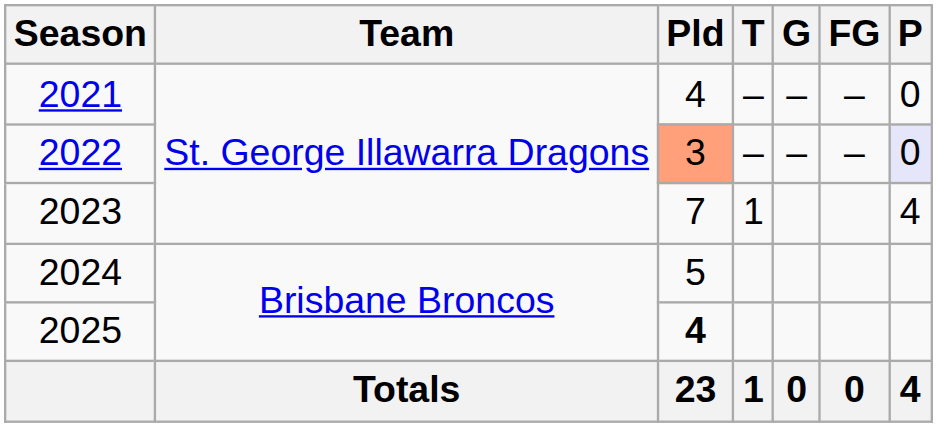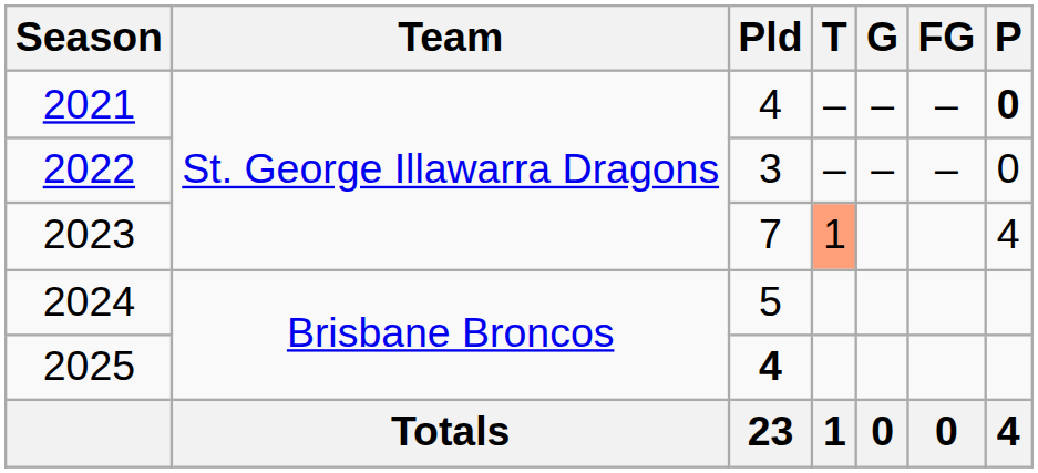 <table class="wikitable" style="border-collapse:collapse;text-align:center">
 <tr>
 <th>Season</th>
 <th>Team</th>
 <th>Pld</th>
 <th>T</th>
 <th>G</th>
 <th>FG</th>
 <th>P</th>
 </tr>
 <tr>
 <td><a href='#'>2021</a></td>
 <td rowspan="3"> <a href='#'>St. George Illawarra Dragons</a></td>
 <td>4</td>
 <td>–</td>
 <td>–</td>
 <td>–</td>
-<td>0</td>
+<td><strong>0</strong></td>
 </tr>
 <tr>
 <td><a href='#'>2022</a></td>
-<td style="background: lightsalmon;">3</td>
+<td>3</td>
 <td>–</td>
 <td>–</td>
 <td>–</td>
-<td style="background: lavender;">0</td>
+<td>0</td>
 </tr>
 <tr>
 <td>2023</td>
 <td>7</td>
-<td>1</td>
+<td style="background: lightsalmon;">1</td>
 <td></td>
 <td></td>
 <td>4</td>
 </tr>
 <tr>
 <td>2024</td>
 <td rowspan="2"> <a href='#'>Brisbane Broncos</a></td>
 <td>5</td>
 <td></td>
 <td></td>
 <td></td>
 <td></td>
 </tr>
 <tr>
 <td>2025</td>
 <td><strong>4</strong></td>
 <td></td>
 <td></td>
 <td></td>
 <td></td>
 </tr>
 <tr>
 <th></th>
 <th>Totals</th>
 <th>23</th>
 <th>1</th>
 <th>0</th>
 <th>0</th>
 <th>4</th>
 </tr>
 </table>
